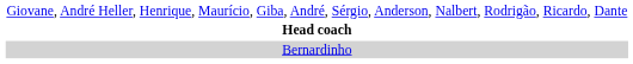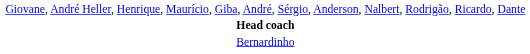 <table style="text-align: center; margin-top: 2em; margin-left: auto; margin-right: auto">
 <tr>
 <td><a href='#'>Giovane</a>, <a href='#'>André Heller</a>, <a href='#'>Henrique</a>, <a href='#'>Maurício</a>, <a href='#'>Giba</a>, <a href='#'>André</a>, <a href='#'>Sérgio</a>, <a href='#'>Anderson</a>, <a href='#'>Nalbert</a>, <a href='#'>Rodrigão</a>, <a href='#'>Ricardo</a>, <a href='#'>Dante</a></td>
 </tr>
 <tr>
 <td><strong>Head coach</strong></td>
 </tr>
 <tr>
-<td style="background: lightgrey;"><a href='#'>Bernardinho</a></td>
+<td><a href='#'>Bernardinho</a></td>
 </tr>
 </table>
